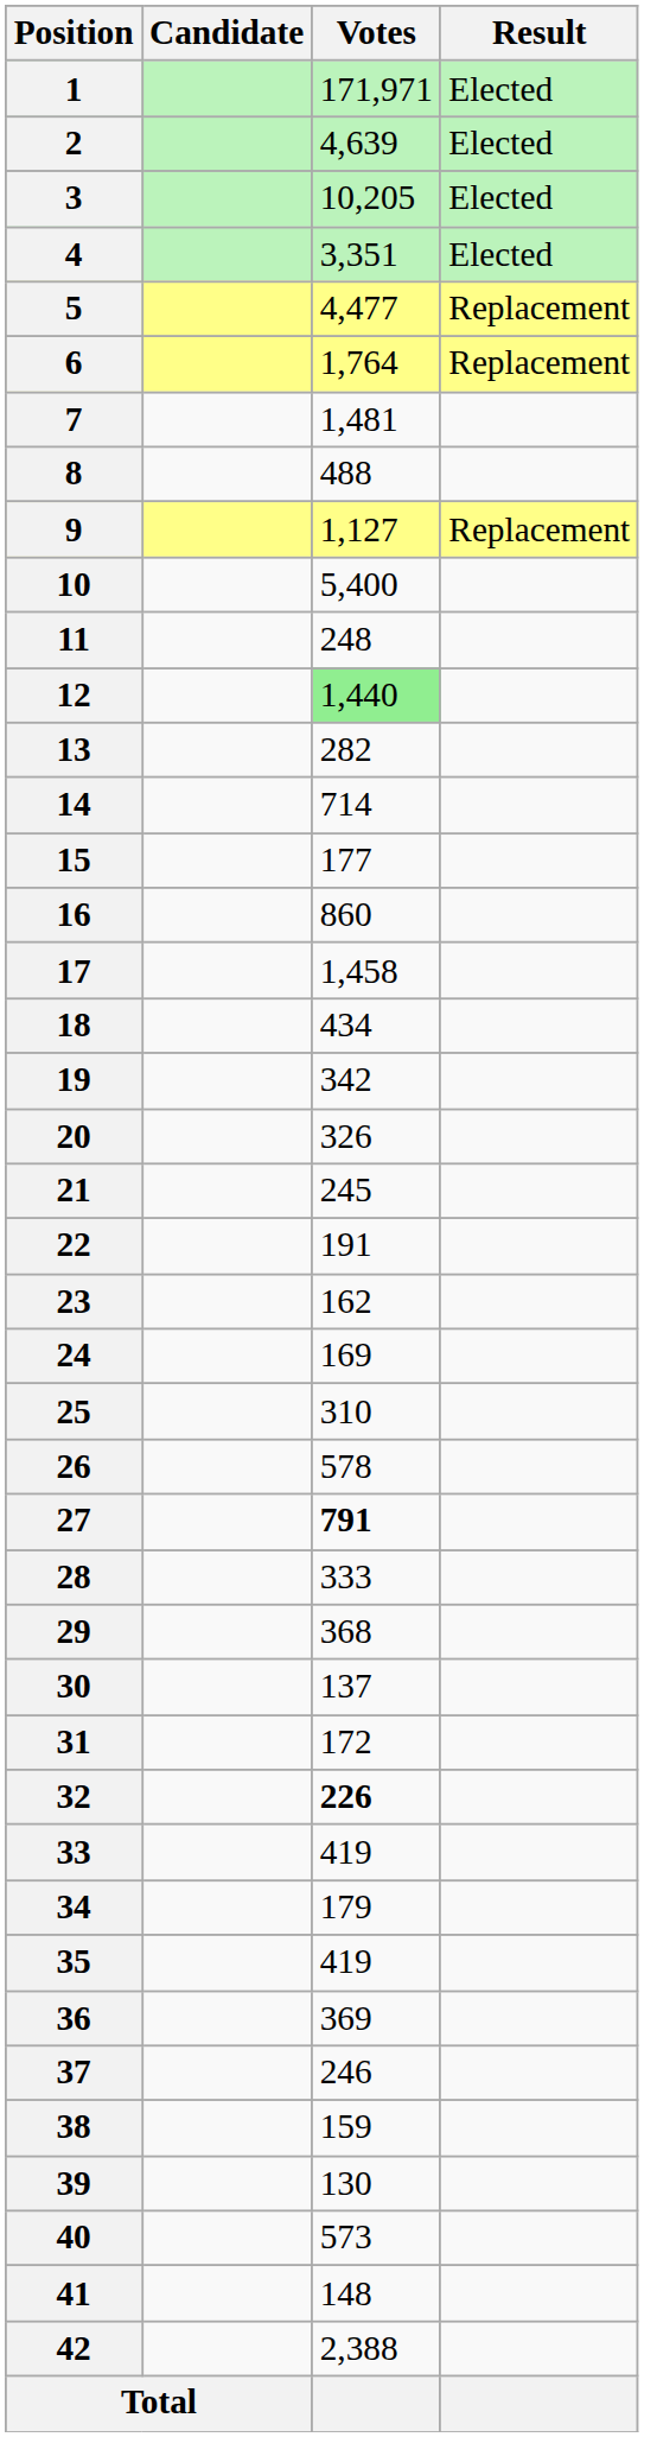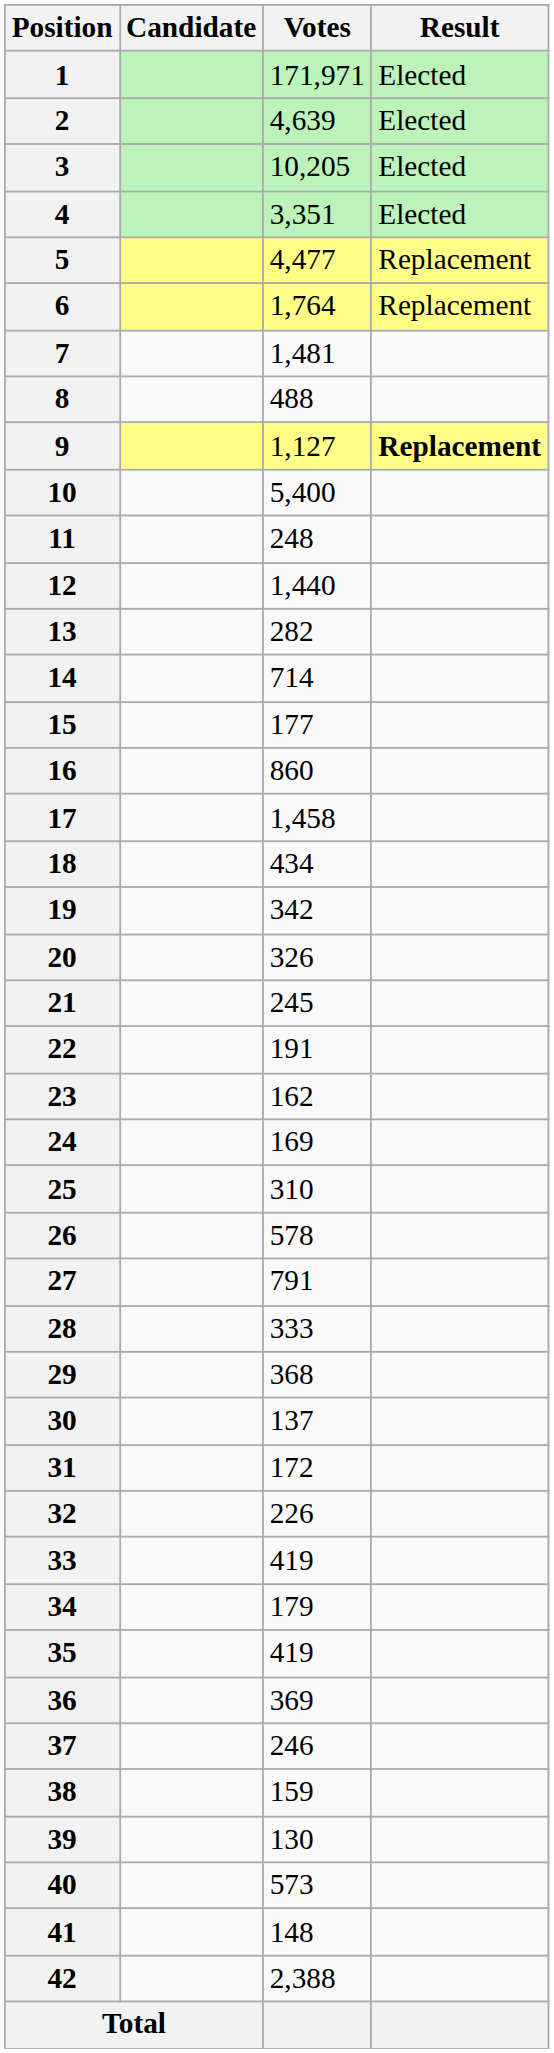 <table class="wikitable sortable col3right">
 <tr>
 <th scope="col">Position</th>
 <th scope="col">Candidate</th>
 <th scope="col">Votes</th>
 <th scope="col">Result</th>
 </tr>
 <tr bgcolor=bbf3bb>
 <th scope="row">1</th>
 <td></td>
 <td>171,971</td>
 <td>Elected</td>
 </tr>
 <tr bgcolor=bbf3bb>
 <th scope="row">2</th>
 <td></td>
 <td>4,639</td>
 <td>Elected</td>
 </tr>
 <tr bgcolor=bbf3bb>
 <th scope="row">3</th>
 <td></td>
 <td>10,205</td>
 <td>Elected</td>
 </tr>
 <tr bgcolor=bbf3bb>
 <th scope="row">4</th>
 <td></td>
 <td>3,351</td>
 <td>Elected</td>
 </tr>
 <tr bgcolor=#FF8>
 <th scope="row">5</th>
 <td></td>
 <td>4,477</td>
 <td>Replacement</td>
 </tr>
 <tr bgcolor=#FF8>
 <th scope="row">6</th>
 <td></td>
 <td>1,764</td>
 <td>Replacement</td>
 </tr>
 <tr>
 <th scope="row">7</th>
 <td></td>
 <td>1,481</td>
 <td></td>
 </tr>
 <tr>
 <th scope="row">8</th>
 <td></td>
 <td>488</td>
 <td></td>
 </tr>
 <tr bgcolor=#FF8>
 <th scope="row">9</th>
 <td></td>
 <td>1,127</td>
-<td>Replacement</td>
+<td><strong>Replacement</strong></td>
 </tr>
 <tr>
 <th scope="row">10</th>
 <td></td>
 <td>5,400</td>
 <td></td>
 </tr>
 <tr>
 <th scope="row">11</th>
 <td></td>
 <td>248</td>
 <td></td>
 </tr>
 <tr>
 <th scope="row">12</th>
 <td></td>
-<td style="background: lightgreen;">1,440</td>
+<td>1,440</td>
 <td></td>
 </tr>
 <tr>
 <th scope="row">13</th>
 <td></td>
 <td>282</td>
 <td></td>
 </tr>
 <tr>
 <th scope="row">14</th>
 <td></td>
 <td>714</td>
 <td></td>
 </tr>
 <tr>
 <th scope="row">15</th>
 <td></td>
 <td>177</td>
 <td></td>
 </tr>
 <tr>
 <th scope="row">16</th>
 <td></td>
 <td>860</td>
 <td></td>
 </tr>
 <tr>
 <th scope="row">17</th>
 <td></td>
 <td>1,458</td>
 <td></td>
 </tr>
 <tr>
 <th scope="row">18</th>
 <td></td>
 <td>434</td>
 <td></td>
 </tr>
 <tr>
 <th scope="row">19</th>
 <td></td>
 <td>342</td>
 <td></td>
 </tr>
 <tr>
 <th scope="row">20</th>
 <td></td>
 <td>326</td>
 <td></td>
 </tr>
 <tr>
 <th scope="row">21</th>
 <td></td>
 <td>245</td>
 <td></td>
 </tr>
 <tr>
 <th scope="row">22</th>
 <td></td>
 <td>191</td>
 <td></td>
 </tr>
 <tr>
 <th scope="row">23</th>
 <td></td>
 <td>162</td>
 <td></td>
 </tr>
 <tr>
 <th scope="row">24</th>
 <td></td>
 <td>169</td>
 <td></td>
 </tr>
 <tr>
 <th scope="row">25</th>
 <td></td>
 <td>310</td>
 <td></td>
 </tr>
 <tr>
 <th scope="row">26</th>
 <td></td>
 <td>578</td>
 <td></td>
 </tr>
 <tr>
 <th scope="row">27</th>
 <td></td>
-<td><strong>791</strong></td>
+<td>791</td>
 <td></td>
 </tr>
 <tr>
 <th scope="row">28</th>
 <td></td>
 <td>333</td>
 <td></td>
 </tr>
 <tr>
 <th scope="row">29</th>
 <td></td>
 <td>368</td>
 <td></td>
 </tr>
 <tr>
 <th scope="row">30</th>
 <td></td>
 <td>137</td>
 <td></td>
 </tr>
 <tr>
 <th scope="row">31</th>
 <td></td>
 <td>172</td>
 <td></td>
 </tr>
 <tr>
 <th scope="row">32</th>
 <td></td>
-<td><strong>226</strong></td>
+<td>226</td>
 <td></td>
 </tr>
 <tr>
 <th scope="row">33</th>
 <td></td>
 <td>419</td>
 <td></td>
 </tr>
 <tr>
 <th scope="row">34</th>
 <td></td>
 <td>179</td>
 <td></td>
 </tr>
 <tr>
 <th scope="row">35</th>
 <td></td>
 <td>419</td>
 <td></td>
 </tr>
 <tr>
 <th scope="row">36</th>
 <td></td>
 <td>369</td>
 <td></td>
 </tr>
 <tr>
 <th scope="row">37</th>
 <td></td>
 <td>246</td>
 <td></td>
 </tr>
 <tr>
 <th scope="row">38</th>
 <td></td>
 <td>159</td>
 <td></td>
 </tr>
 <tr>
 <th scope="row">39</th>
 <td></td>
 <td>130</td>
 <td></td>
 </tr>
 <tr>
 <th scope="row">40</th>
 <td></td>
 <td>573</td>
 <td></td>
 </tr>
 <tr>
 <th scope="row">41</th>
 <td></td>
 <td>148</td>
 <td></td>
 </tr>
 <tr>
 <th scope="row">42</th>
 <td></td>
 <td>2,388</td>
 <td></td>
 </tr>
 <tr class="sortbottom">
 <th scope="row" colspan="2">Total</th>
 <th></th>
 <th></th>
 </tr>
 </table>
